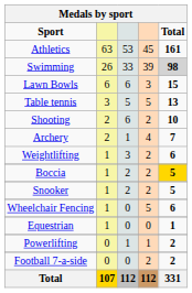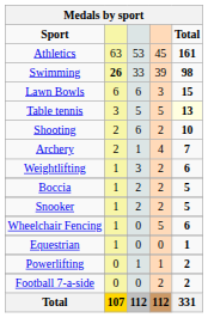 <table class="wikitable" style="font-size:95%">
 <tr style="background:#efefef;">
 <th colspan=5>Medals by sport</th>
 </tr>
 <tr style="text-align:center;">
 <td><strong>Sport</strong></td>
 <td bgcolor=#f7f6a8></td>
 <td bgcolor=#dce5e5></td>
 <td bgcolor=#ffdab9></td>
 <td><strong>Total</strong></td>
 </tr>
 <tr style="text-align:center;">
 <td><a href='#'>Athletics</a></td>
 <td style="background:#F7F6A8;">63</td>
 <td style="background:#DCE5E5;">53</td>
 <td style="background:#FFDAB9;">45</td>
 <td><strong>161</strong></td>
 </tr>
 <tr style="text-align:center;">
 <td><a href='#'>Swimming</a></td>
-<td style="background:#F7F6A8;">26</td>
+<td style="background:#F7F6A8;"><strong>26</strong></td>
 <td style="background:#DCE5E5;">33</td>
 <td style="background:#FFDAB9;">39</td>
-<td style="background: lightgrey;"><strong>98</strong></td>
+<td><strong>98</strong></td>
 </tr>
 <tr style="text-align:center;">
 <td><a href='#'>Lawn Bowls</a></td>
 <td style="background:#F7F6A8;">6</td>
 <td style="background:#DCE5E5;">6</td>
 <td style="background:#FFDAB9;">3</td>
 <td><strong>15</strong></td>
 </tr>
 <tr style="text-align:center;">
 <td><a href='#'>Table tennis</a></td>
 <td style="background:#F7F6A8;">3</td>
 <td style="background:#DCE5E5;">5</td>
 <td style="background:#FFDAB9;">5</td>
-<td><strong>13</strong></td>
+<td style="background: lightyellow;"><strong>13</strong></td>
 </tr>
 <tr style="text-align:center;">
 <td><a href='#'>Shooting</a></td>
 <td style="background:#F7F6A8;">2</td>
 <td style="background:#DCE5E5;">6</td>
 <td style="background:#FFDAB9;">2</td>
 <td><strong>10</strong></td>
 </tr>
 <tr style="text-align:center;">
 <td><a href='#'>Archery</a></td>
 <td style="background:#F7F6A8;">2</td>
 <td style="background:#DCE5E5;">1</td>
 <td style="background:#FFDAB9;">4</td>
 <td><strong>7</strong></td>
 </tr>
 <tr style="text-align:center;">
 <td><a href='#'>Weightlifting</a></td>
 <td style="background:#F7F6A8;">1</td>
 <td style="background:#DCE5E5;">3</td>
 <td style="background:#FFDAB9;">2</td>
 <td><strong>6</strong></td>
 </tr>
 <tr>
 </tr>
 <tr style="text-align:center;">
 <td><a href='#'>Boccia</a></td>
 <td style="background:#F7F6A8;">1</td>
 <td style="background:#DCE5E5;">2</td>
 <td style="background:#FFDAB9;">2</td>
-<td style="background: gold;"><strong>5</strong></td>
+<td><strong>5</strong></td>
 </tr>
 <tr>
 </tr>
 <tr style="text-align:center;">
 <td><a href='#'>Snooker</a></td>
 <td style="background:#F7F6A8;">1</td>
 <td style="background:#DCE5E5;">2</td>
 <td style="background:#FFDAB9;">2</td>
 <td><strong>5</strong></td>
 </tr>
 <tr>
 </tr>
 <tr style="text-align:center;">
 <td><a href='#'>Wheelchair Fencing</a></td>
 <td style="background:#F7F6A8;">1</td>
 <td style="background:#DCE5E5;">0</td>
 <td style="background:#FFDAB9;">5</td>
 <td><strong>6</strong></td>
 </tr>
 <tr>
 </tr>
 <tr style="text-align:center;">
 <td><a href='#'>Equestrian</a></td>
 <td style="background:#F7F6A8;">1</td>
 <td style="background:#DCE5E5;">0</td>
 <td style="background:#FFDAB9;">0</td>
 <td><strong>1</strong></td>
 </tr>
 <tr>
 </tr>
 <tr style="text-align:center;">
 <td><a href='#'>Powerlifting</a></td>
 <td style="background:#F7F6A8;">0</td>
 <td style="background:#DCE5E5;">1</td>
 <td style="background:#FFDAB9;">1</td>
 <td><strong>2</strong></td>
 </tr>
 <tr>
 </tr>
 <tr style="text-align:center;">
 <td><a href='#'>Football 7-a-side</a></td>
 <td style="background:#F7F6A8;">0</td>
 <td style="background:#DCE5E5;">0</td>
 <td style="background:#FFDAB9;">2</td>
 <td><strong>2</strong></td>
 </tr>
 <tr>
 <th>Total</th>
 <th style="background:gold;">107</th>
 <th style="background:silver;">112</th>
 <th style="background:#c96;">112</th>
 <th>331</th>
 </tr>
 </table>
